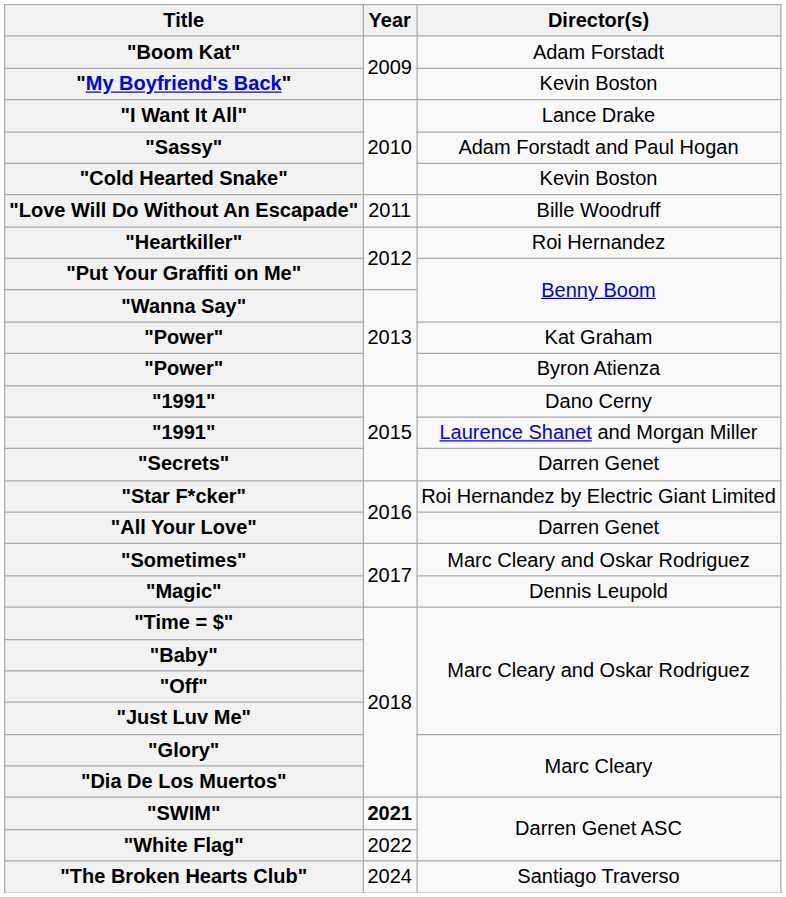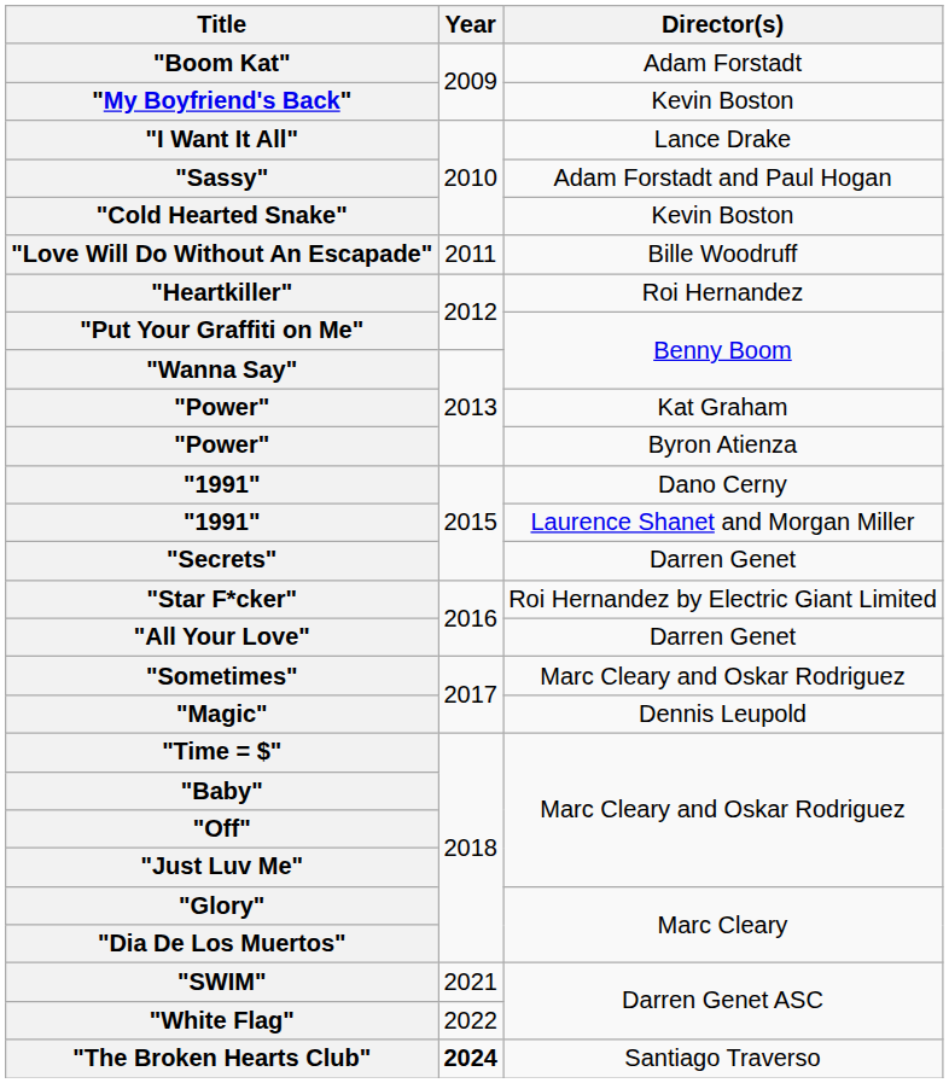 <table class="wikitable plainrowheaders" style="text-align:center;">
 <tr>
 <th scope="col">Title</th>
 <th scope="col">Year</th>
 <th scope="col">Director(s)</th>
 </tr>
 <tr>
 <th scope="row">"Boom Kat"</th>
 <td rowspan="2">2009</td>
 <td>Adam Forstadt</td>
 </tr>
 <tr>
 <th scope="row">"<a href='#'>My Boyfriend's Back</a>"</th>
 <td>Kevin Boston</td>
 </tr>
 <tr>
 <th scope="row">"I Want It All"</th>
 <td rowspan="3">2010</td>
 <td>Lance Drake</td>
 </tr>
 <tr>
 <th scope="row">"Sassy"</th>
 <td>Adam Forstadt and Paul Hogan</td>
 </tr>
 <tr>
 <th scope="row">"Cold Hearted Snake"</th>
 <td>Kevin Boston</td>
 </tr>
 <tr>
 <th scope="row">"Love Will Do Without An Escapade"</th>
 <td>2011</td>
 <td>Bille Woodruff</td>
 </tr>
 <tr>
 <th scope="row">"Heartkiller" </th>
 <td rowspan="2">2012</td>
 <td>Roi Hernandez</td>
 </tr>
 <tr>
 <th scope="row">"Put Your Graffiti on Me"</th>
 <td rowspan="2"><a href='#'>Benny Boom</a></td>
 </tr>
 <tr>
 <th scope="row">"Wanna Say"</th>
 <td rowspan="3">2013</td>
 </tr>
 <tr>
 <th scope="row">"Power" </th>
 <td>Kat Graham</td>
 </tr>
 <tr>
 <th scope="row">"Power"</th>
 <td>Byron Atienza</td>
 </tr>
 <tr>
 <th scope="row">"1991"</th>
 <td rowspan="3">2015</td>
 <td>Dano Cerny</td>
 </tr>
 <tr>
 <th scope="row">"1991" </th>
 <td><a href='#'>Laurence Shanet</a> and Morgan Miller</td>
 </tr>
 <tr>
 <th scope="row">"Secrets"</th>
 <td>Darren Genet</td>
 </tr>
 <tr>
 <th scope="row">"Star F*cker"</th>
 <td rowspan="2">2016</td>
 <td>Roi Hernandez by Electric Giant Limited</td>
 </tr>
 <tr>
 <th scope="row">"All Your Love"</th>
 <td>Darren Genet</td>
 </tr>
 <tr>
 <th scope="row">"Sometimes"</th>
 <td rowspan="2">2017</td>
 <td>Marc Cleary and Oskar Rodriguez</td>
 </tr>
 <tr>
 <th scope="row">"Magic"</th>
 <td>Dennis Leupold</td>
 </tr>
 <tr>
 <th scope="row">"Time = $"</th>
 <td rowspan="6">2018</td>
 <td rowspan="4">Marc Cleary and Oskar Rodriguez</td>
 </tr>
 <tr>
 <th scope="row">"Baby"</th>
 </tr>
 <tr>
 <th scope="row">"Off"</th>
 </tr>
 <tr>
 <th scope="row">"Just Luv Me"</th>
 </tr>
 <tr>
 <th scope="row">"Glory"</th>
 <td rowspan="2">Marc Cleary</td>
 </tr>
 <tr>
 <th scope="row">"Dia De Los Muertos"</th>
 </tr>
 <tr>
 <th scope="row">"SWIM"</th>
-<td><strong>2021</strong></td>
+<td>2021</td>
 <td rowspan="2">Darren Genet ASC</td>
 </tr>
 <tr>
 <th scope="row">"White Flag"</th>
 <td>2022</td>
 </tr>
 <tr>
 <th scope="row">"The Broken Hearts Club"</th>
-<td>2024</td>
+<td><strong>2024</strong></td>
 <td>Santiago Traverso</td>
 </tr>
 <tr>
 </tr>
 </table>
